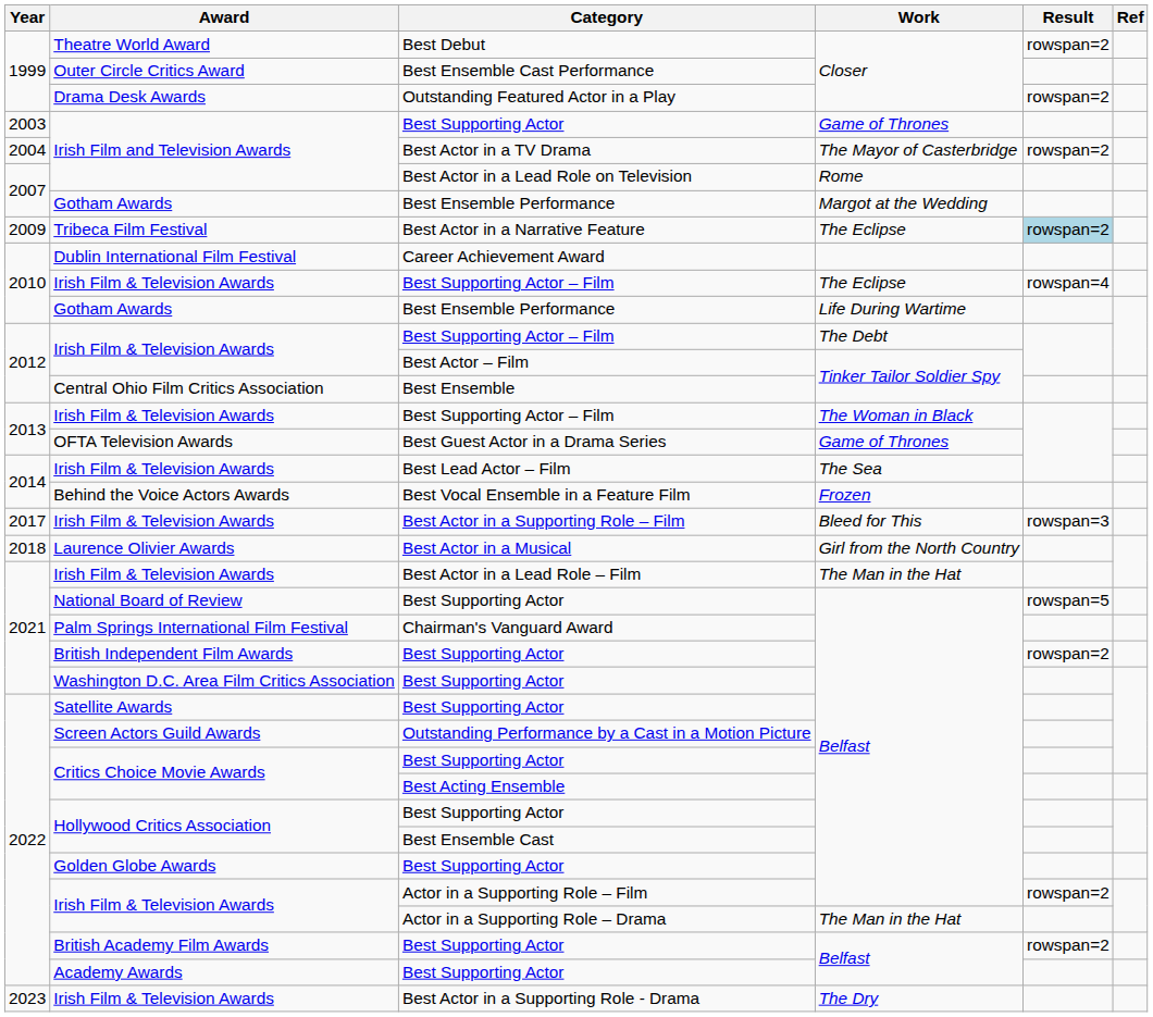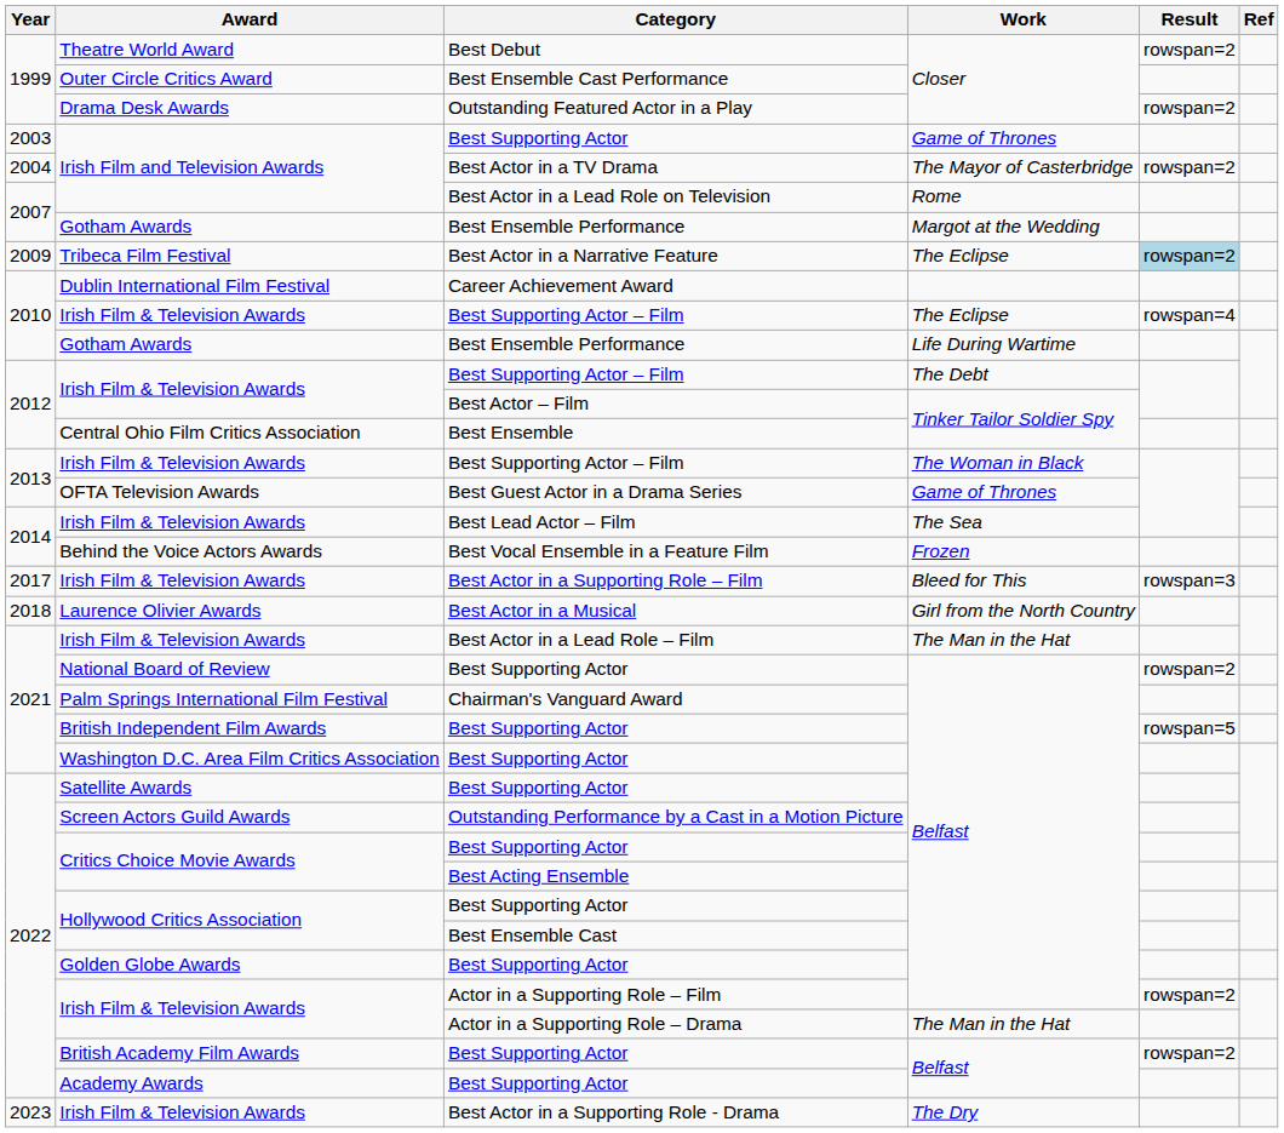 <table class="wikitable plainrowheaders">
 <tr>
 <th>Year</th>
 <th>Award</th>
 <th>Category</th>
 <th>Work</th>
 <th>Result</th>
 <th>Ref</th>
 </tr>
 <tr>
 <td rowspan=3>1999</td>
 <td><a href='#'>Theatre World Award</a></td>
 <td>Best Debut</td>
 <td rowspan=3><em>Closer</em></td>
 <td>rowspan=2 </td>
 <td></td>
 </tr>
 <tr>
 <td><a href='#'>Outer Circle Critics Award</a></td>
 <td>Best Ensemble Cast Performance</td>
 <td></td>
 </tr>
 <tr>
 <td><a href='#'>Drama Desk Awards</a></td>
 <td>Outstanding Featured Actor in a Play</td>
 <td>rowspan=2 </td>
 <td></td>
 </tr>
 <tr>
 <td>2003</td>
 <td rowspan=3><a href='#'>Irish Film and Television Awards</a></td>
 <td><a href='#'> Best Supporting Actor</a></td>
 <td><em><a href='#'>Game of Thrones</a></em></td>
 <td></td>
 </tr>
 <tr>
 <td>2004</td>
 <td>Best Actor in a TV Drama</td>
 <td><em>The Mayor of Casterbridge</em></td>
 <td>rowspan=2 </td>
 <td></td>
 </tr>
 <tr>
 <td rowspan=2>2007</td>
 <td>Best Actor in a Lead Role on Television</td>
 <td><em>Rome</em></td>
 <td></td>
 </tr>
 <tr>
 <td><a href='#'>Gotham Awards</a></td>
 <td>Best Ensemble Performance</td>
 <td><em>Margot at the Wedding</em></td>
 <td></td>
 <td></td>
 </tr>
 <tr>
 <td>2009</td>
 <td><a href='#'>Tribeca Film Festival</a></td>
 <td>Best Actor in a Narrative Feature</td>
 <td><em>The Eclipse</em></td>
 <td style="background: lightblue;">rowspan=2 </td>
 <td></td>
 </tr>
 <tr>
 <td rowspan=3>2010</td>
 <td><a href='#'>Dublin International Film Festival</a></td>
 <td>Career Achievement Award</td>
 <td></td>
 <td></td>
 </tr>
 <tr>
 <td><a href='#'>Irish Film & Television Awards</a></td>
 <td><a href='#'> Best Supporting Actor – Film</a></td>
 <td><em>The Eclipse</em></td>
 <td>rowspan=4 </td>
 <td></td>
 </tr>
 <tr>
 <td><a href='#'>Gotham Awards</a></td>
 <td>Best Ensemble Performance</td>
 <td><em>Life During Wartime</em></td>
 <td></td>
 </tr>
 <tr>
 <td rowspan="3">2012</td>
 <td rowspan=2><a href='#'>Irish Film & Television Awards</a></td>
 <td><a href='#'> Best Supporting Actor – Film</a></td>
 <td><em>The Debt</em></td>
 <td rowspan="2"></td>
 </tr>
 <tr>
 <td>Best Actor – Film</td>
 <td rowspan=2><em><a href='#'>Tinker Tailor Soldier Spy</a></em></td>
 </tr>
 <tr>
 <td>Central Ohio Film Critics Association</td>
 <td>Best Ensemble</td>
 <td></td>
 <td></td>
 </tr>
 <tr>
 <td rowspan="2">2013</td>
 <td><a href='#'>Irish Film & Television Awards</a></td>
 <td>Best Supporting Actor – Film</td>
 <td><em><a href='#'>The Woman in Black</a></em></td>
 <td rowspan="3"></td>
 <td></td>
 </tr>
 <tr>
 <td>OFTA Television Awards</td>
 <td>Best Guest Actor in a Drama Series</td>
 <td><em><a href='#'>Game of Thrones</a></em></td>
 <td></td>
 </tr>
 <tr>
 <td rowspan=2>2014</td>
 <td><a href='#'>Irish Film & Television Awards</a></td>
 <td>Best Lead Actor – Film</td>
 <td><em>The Sea</em></td>
 <td></td>
 </tr>
 <tr>
 <td>Behind the Voice Actors Awards</td>
 <td>Best Vocal Ensemble in a Feature Film</td>
 <td><em><a href='#'>Frozen</a></em></td>
 <td></td>
 <td></td>
 </tr>
 <tr>
 <td>2017</td>
 <td><a href='#'>Irish Film & Television Awards</a></td>
 <td><a href='#'>Best Actor in a Supporting Role – Film</a></td>
 <td><em>Bleed for This</em></td>
 <td>rowspan=3 </td>
 <td></td>
 </tr>
 <tr>
 <td>2018</td>
 <td><a href='#'>Laurence Olivier Awards</a></td>
 <td><a href='#'>Best Actor in a Musical</a></td>
 <td><em>Girl from the North Country</em></td>
 <td></td>
 </tr>
 <tr>
 <td rowspan=5>2021</td>
 <td><a href='#'>Irish Film & Television Awards</a></td>
 <td>Best Actor in a Lead Role – Film</td>
 <td><em>The Man in the Hat</em></td>
 <td></td>
 </tr>
 <tr>
 <td><a href='#'>National Board of Review</a></td>
 <td>Best Supporting Actor</td>
 <td rowspan=12><em><a href='#'>Belfast</a></em></td>
-<td>rowspan=5 </td>
+<td>rowspan=2 </td>
 <td></td>
 </tr>
 <tr>
 <td><a href='#'>Palm Springs International Film Festival</a></td>
 <td>Chairman's Vanguard Award</td>
 <td></td>
 </tr>
 <tr>
 <td><a href='#'>British Independent Film Awards</a></td>
 <td><a href='#'>Best Supporting Actor</a></td>
-<td>rowspan=2 </td>
+<td>rowspan=5 </td>
 <td></td>
 </tr>
 <tr>
 <td><a href='#'>Washington D.C. Area Film Critics Association</a></td>
 <td><a href='#'>Best Supporting Actor</a></td>
 <td></td>
 </tr>
 <tr>
 <td rowspan=11>2022</td>
 <td><a href='#'>Satellite Awards</a></td>
 <td><a href='#'>Best Supporting Actor</a></td>
 <td></td>
 </tr>
 <tr>
 <td><a href='#'>Screen Actors Guild Awards</a></td>
 <td><a href='#'>Outstanding Performance by a Cast in a Motion Picture</a></td>
 <td></td>
 </tr>
 <tr>
 <td rowspan=2><a href='#'>Critics Choice Movie Awards</a></td>
 <td><a href='#'>Best Supporting Actor</a></td>
 <td></td>
 </tr>
 <tr>
 <td><a href='#'>Best Acting Ensemble</a></td>
 <td></td>
 <td></td>
 </tr>
 <tr>
 <td rowspan=2><a href='#'>Hollywood Critics Association</a></td>
 <td>Best Supporting Actor</td>
 <td></td>
 <td rowspan="2"></td>
 </tr>
 <tr>
 <td>Best Ensemble Cast</td>
 <td></td>
 </tr>
 <tr>
 <td><a href='#'>Golden Globe Awards</a></td>
 <td><a href='#'>Best Supporting Actor</a></td>
 <td></td>
 <td></td>
 </tr>
 <tr>
 <td rowspan=2><a href='#'>Irish Film & Television Awards</a></td>
 <td>Actor in a Supporting Role – Film</td>
 <td>rowspan=2 </td>
 <td rowspan=2></td>
 </tr>
 <tr>
 <td>Actor in a Supporting Role – Drama</td>
 <td><em>The Man in the Hat</em></td>
 </tr>
 <tr>
 <td><a href='#'>British Academy Film Awards</a></td>
 <td><a href='#'>Best Supporting Actor</a></td>
 <td rowspan=2><em><a href='#'>Belfast</a></em></td>
 <td>rowspan=2  </td>
 <td></td>
 </tr>
 <tr>
 <td><a href='#'>Academy Awards</a></td>
 <td><a href='#'>Best Supporting Actor</a></td>
 <td></td>
 </tr>
 <tr>
 <td>2023</td>
 <td><a href='#'>Irish Film & Television Awards</a></td>
 <td>Best Actor in a Supporting Role - Drama</td>
 <td><a href='#'><em>The Dry</em></a></td>
 <td></td>
 <td></td>
 </tr>
 </table>
